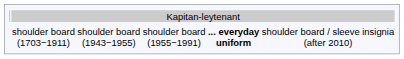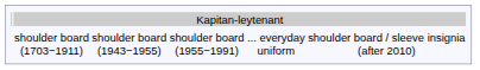 <table style="border:1px solid #8888aa; text-align:center; background-color:#f7f8ff; padding:5px; font-size:95%; margin: 0px 12px 12px 0px;">
 <tr>
 </tr>
 <tr bgcolor="#CCCCCC">
 <td></td>
 <td colspan=6>Kapitan-leytenant</td>
 </tr>
 <tr>
 <td></td>
 <td></td>
 <td></td>
 <td></td>
 <td></td>
 <td></td>
 <td></td>
 </tr>
 <tr>
 <td></td>
 <td colspan=1>shoulder board<br>(1703−1911)</td>
 <td>shoulder board<br>(1943−1955)</td>
 <td>shoulder board<br>(1955−1991)</td>
-<td><strong>... everyday<br>uniform</strong></td>
+<td>... everyday<br>uniform</td>
 <td colspan=2>shoulder board / sleeve insignia <br>(after 2010)</td>
 </tr>
 <tr>
 </tr>
 </table>
